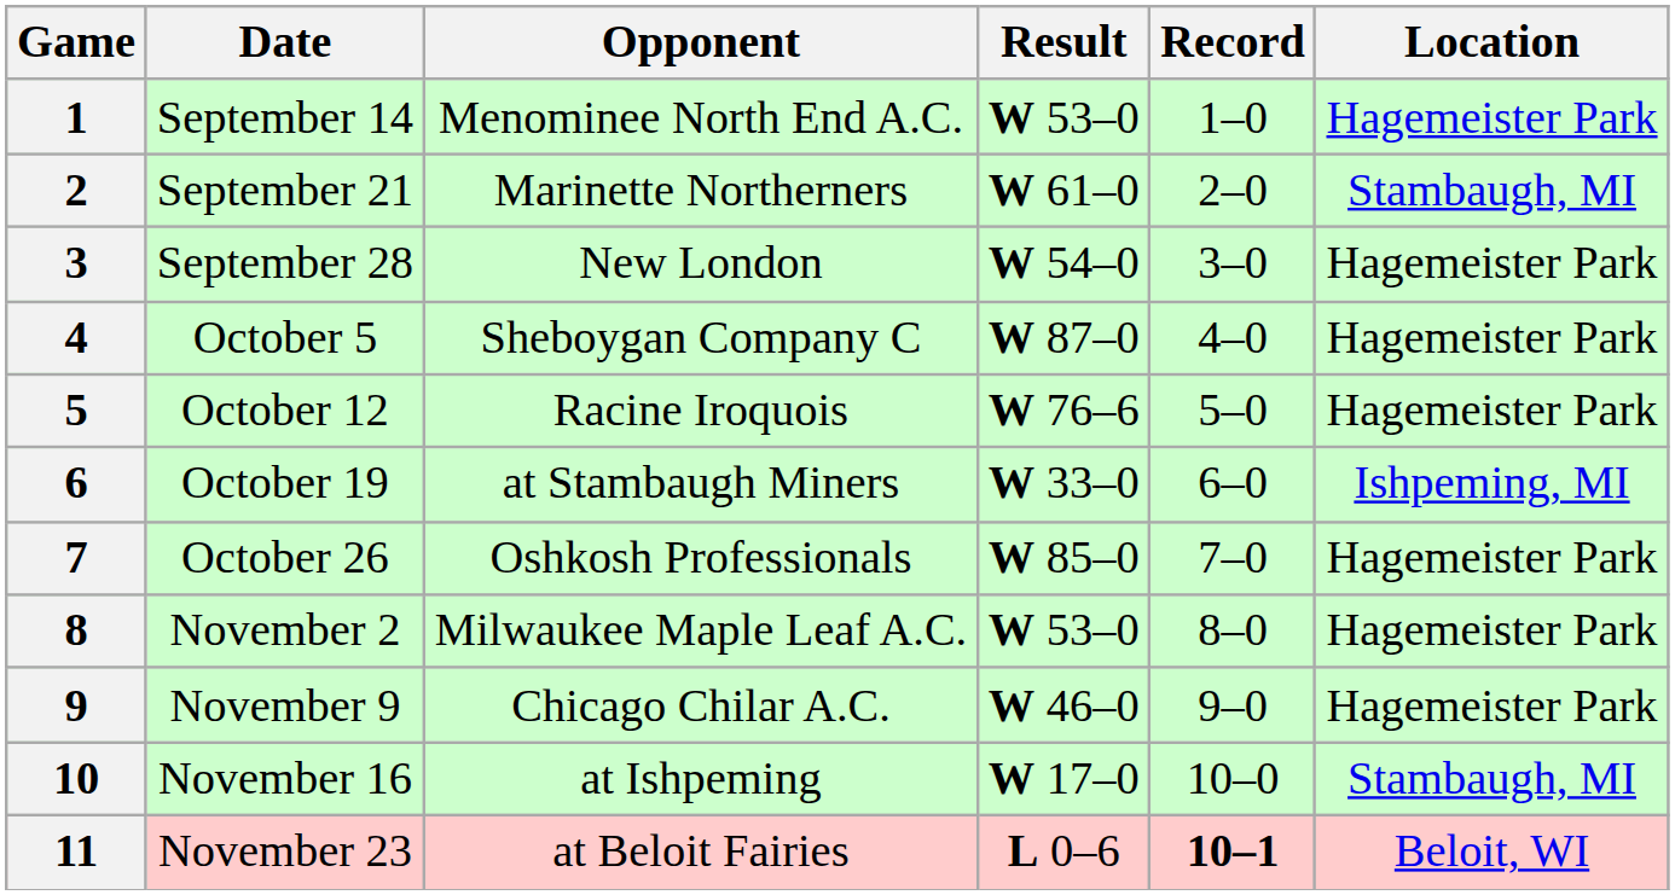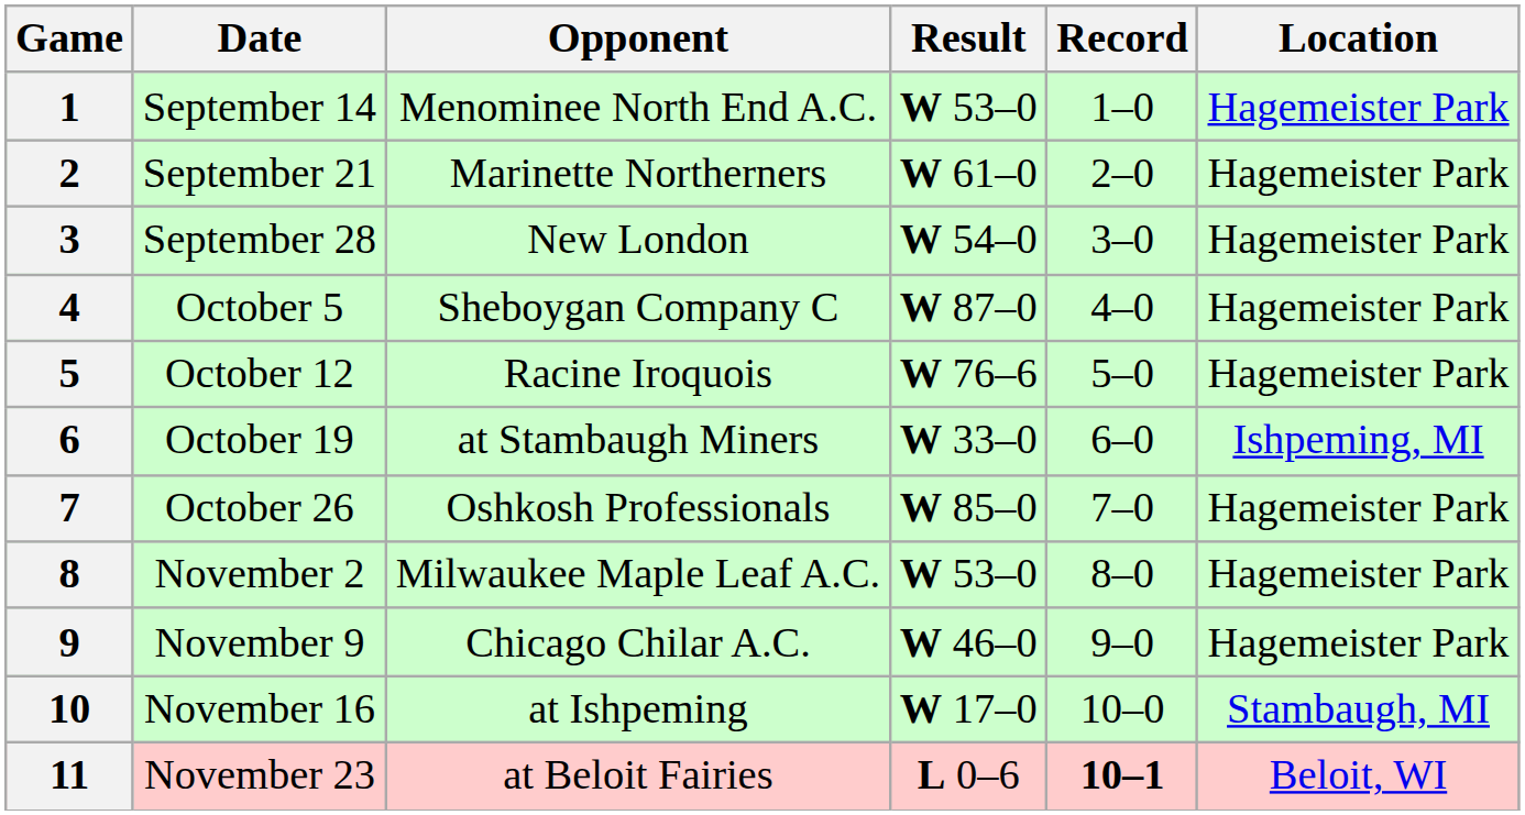 <table class="wikitable" style="text-align:center">
 <tr>
 <th>Game</th>
 <th>Date</th>
 <th>Opponent</th>
 <th>Result</th>
 <th>Record</th>
 <th>Location</th>
 </tr>
 <tr style="background:#cfc">
 <th>1</th>
 <td>September 14</td>
 <td>Menominee North End A.C.</td>
 <td><strong>W</strong> 53–0</td>
 <td>1–0</td>
 <td><a href='#'>Hagemeister Park</a></td>
 </tr>
 <tr style="background:#cfc">
 <th>2</th>
 <td>September 21</td>
 <td>Marinette Northerners</td>
 <td><strong>W</strong> 61–0</td>
 <td>2–0</td>
-<td><a href='#'>Stambaugh, MI</a></td>
+<td>Hagemeister Park</td>
 </tr>
 <tr style="background:#cfc">
 <th>3</th>
 <td>September 28</td>
 <td>New London</td>
 <td><strong>W</strong> 54–0</td>
 <td>3–0</td>
 <td>Hagemeister Park</td>
 </tr>
 <tr style="background:#cfc">
 <th>4</th>
 <td>October 5</td>
 <td>Sheboygan Company C</td>
 <td><strong>W</strong> 87–0</td>
 <td>4–0</td>
 <td>Hagemeister Park</td>
 </tr>
 <tr style="background:#cfc">
 <th>5</th>
 <td>October 12</td>
 <td>Racine Iroquois</td>
 <td><strong>W</strong> 76–6</td>
 <td>5–0</td>
 <td>Hagemeister Park</td>
 </tr>
 <tr style="background:#cfc">
 <th>6</th>
 <td>October 19</td>
 <td>at Stambaugh Miners</td>
 <td><strong>W</strong> 33–0</td>
 <td>6–0</td>
 <td><a href='#'>Ishpeming, MI</a></td>
 </tr>
 <tr style="background:#cfc">
 <th>7</th>
 <td>October 26</td>
 <td>Oshkosh Professionals</td>
 <td><strong>W</strong> 85–0</td>
 <td>7–0</td>
 <td>Hagemeister Park</td>
 </tr>
 <tr style="background:#cfc">
 <th>8</th>
 <td>November 2</td>
 <td>Milwaukee Maple Leaf A.C.</td>
 <td><strong>W</strong> 53–0</td>
 <td>8–0</td>
 <td>Hagemeister Park</td>
 </tr>
 <tr style="background:#cfc">
 <th>9</th>
 <td>November 9</td>
 <td>Chicago Chilar A.C.</td>
 <td><strong>W</strong> 46–0</td>
 <td>9–0</td>
 <td>Hagemeister Park</td>
 </tr>
 <tr style="background:#cfc">
 <th>10</th>
 <td>November 16</td>
 <td>at Ishpeming</td>
 <td><strong>W</strong> 17–0</td>
 <td>10–0</td>
 <td><a href='#'>Stambaugh, MI</a></td>
 </tr>
 <tr style="background:#fcc">
 <th>11</th>
 <td>November 23</td>
 <td>at Beloit Fairies</td>
 <td><strong>L</strong> 0–6</td>
 <td><strong>10–1</strong></td>
 <td><a href='#'>Beloit, WI</a></td>
 </tr>
 </table>
